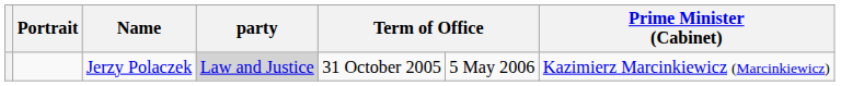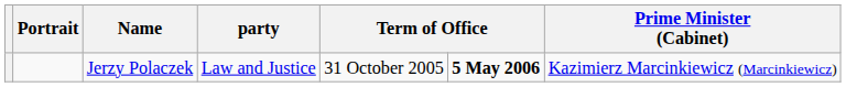 <table class="wikitable">
 <tr>
 <th></th>
 <th>Portrait</th>
 <th>Name</th>
 <th>party</th>
 <th colspan="2">Term of Office</th>
 <th><a href='#'>Prime Minister</a><br>(Cabinet)</th>
 </tr>
 <tr>
 <th style="background:"></th>
 <td></td>
 <td><a href='#'>Jerzy Polaczek</a></td>
-<td style="background: lightgrey;"><a href='#'>Law and Justice</a></td>
+<td><a href='#'>Law and Justice</a></td>
 <td>31 October 2005</td>
-<td>5 May 2006</td>
+<td><strong>5 May 2006</strong></td>
 <td><a href='#'>Kazimierz Marcinkiewicz</a> <small>(<a href='#'>Marcinkiewicz</a>)</small></td>
 </tr>
 </table>
